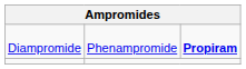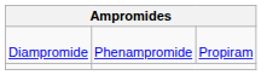 <table class="wikitable" style="font-size:smaller; text-align:center">
 <tr>
 <th colspan="5">Ampromides</th>
 </tr>
 <tr>
 <td><br><a href='#'>Diampromide</a></td>
 <td><br><a href='#'>Phenampromide</a></td>
-<td><strong><br><a href='#'>Propiram</a></strong></td>
+<td><br><a href='#'>Propiram</a></td>
 </tr>
 <tr>
 <td></td>
 </tr>
 </table>
